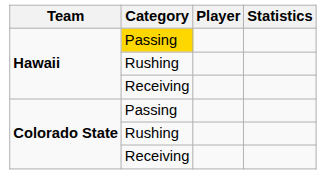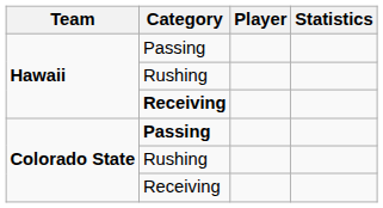 <table class="wikitable" style="float: right;">
 <tr>
 <th>Team</th>
 <th>Category</th>
 <th>Player</th>
 <th>Statistics</th>
 </tr>
 <tr>
 <td rowspan=3><strong>Hawaii</strong></td>
-<td style="background: gold;">Passing</td>
+<td>Passing</td>
 <td></td>
 <td></td>
 </tr>
 <tr>
 <td>Rushing</td>
 <td></td>
 <td></td>
 </tr>
 <tr>
-<td>Receiving</td>
+<td><strong>Receiving</strong></td>
 <td></td>
 <td></td>
 </tr>
 <tr>
 <td rowspan=3><strong>Colorado State</strong></td>
-<td>Passing</td>
+<td><strong>Passing</strong></td>
 <td></td>
 <td></td>
 </tr>
 <tr>
 <td>Rushing</td>
 <td></td>
 <td></td>
 </tr>
 <tr>
 <td>Receiving</td>
 <td></td>
 <td></td>
 </tr>
 </table>
